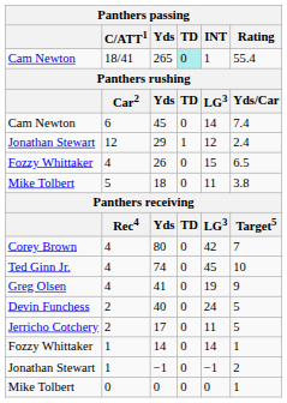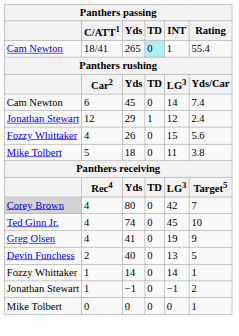 <table class="wikitable">
 <tr>
 <th colspan="6">Panthers passing</th>
 </tr>
 <tr>
 <th></th>
 <th>C/ATT<sup>1</sup></th>
 <th>Yds</th>
 <th>TD</th>
 <th>INT</th>
 <th>Rating</th>
 </tr>
 <tr>
 <td><a href='#'>Cam Newton</a></td>
 <td>18/41</td>
 <td>265</td>
 <td style="background: paleturquoise;">0</td>
 <td>1</td>
 <td>55.4</td>
 </tr>
 <tr>
 <th colspan="6">Panthers rushing</th>
 </tr>
 <tr>
 <th></th>
 <th>Car<sup>2</sup></th>
 <th>Yds</th>
 <th>TD</th>
 <th>LG<sup>3</sup></th>
 <th>Yds/Car</th>
 </tr>
 <tr>
 <td>Cam Newton</td>
 <td>6</td>
 <td>45</td>
 <td>0</td>
 <td>14</td>
 <td>7.4</td>
 </tr>
 <tr>
 <td><a href='#'>Jonathan Stewart</a></td>
 <td>12</td>
 <td>29</td>
 <td>1</td>
 <td>12</td>
 <td>2.4</td>
 </tr>
 <tr>
 <td><a href='#'>Fozzy Whittaker</a></td>
 <td>4</td>
 <td>26</td>
 <td>0</td>
 <td>15</td>
-<td>6.5</td>
+<td>5.6</td>
 </tr>
 <tr>
 <td><a href='#'>Mike Tolbert</a></td>
 <td>5</td>
 <td>18</td>
 <td>0</td>
 <td>11</td>
 <td>3.8</td>
 </tr>
 <tr>
 <th colspan="6">Panthers receiving</th>
 </tr>
 <tr>
 <th></th>
 <th>Rec<sup>4</sup></th>
 <th>Yds</th>
 <th>TD</th>
 <th>LG<sup>3</sup></th>
 <th>Target<sup>5</sup></th>
 </tr>
 <tr>
-<td><a href='#'>Corey Brown</a></td>
+<td style="background: lightgrey;"><a href='#'>Corey Brown</a></td>
 <td>4</td>
 <td>80</td>
 <td>0</td>
 <td>42</td>
 <td>7</td>
 </tr>
 <tr>
 <td><a href='#'>Ted Ginn Jr.</a></td>
 <td>4</td>
 <td>74</td>
 <td>0</td>
 <td>45</td>
 <td>10</td>
 </tr>
 <tr>
 <td><a href='#'>Greg Olsen</a></td>
 <td>4</td>
 <td>41</td>
 <td>0</td>
 <td>19</td>
 <td>9</td>
 </tr>
 <tr>
 <td><a href='#'>Devin Funchess</a></td>
 <td>2</td>
 <td>40</td>
 <td>0</td>
-<td>24</td>
-<td>5</td>
-</tr>
-<tr>
-<td><a href='#'>Jerricho Cotchery</a></td>
-<td>2</td>
-<td>17</td>
-<td>0</td>
-<td>11</td>
+<td>13</td>
 <td>5</td>
 </tr>
 <tr>
 <td>Fozzy Whittaker</td>
 <td>1</td>
 <td>14</td>
 <td>0</td>
 <td>14</td>
 <td>1</td>
 </tr>
 <tr>
 <td>Jonathan Stewart</td>
 <td>1</td>
 <td>−1</td>
 <td>0</td>
 <td>−1</td>
 <td>2</td>
 </tr>
 <tr>
 <td>Mike Tolbert</td>
 <td>0</td>
 <td>0</td>
 <td>0</td>
 <td>0</td>
 <td>1</td>
 </tr>
 </table>
